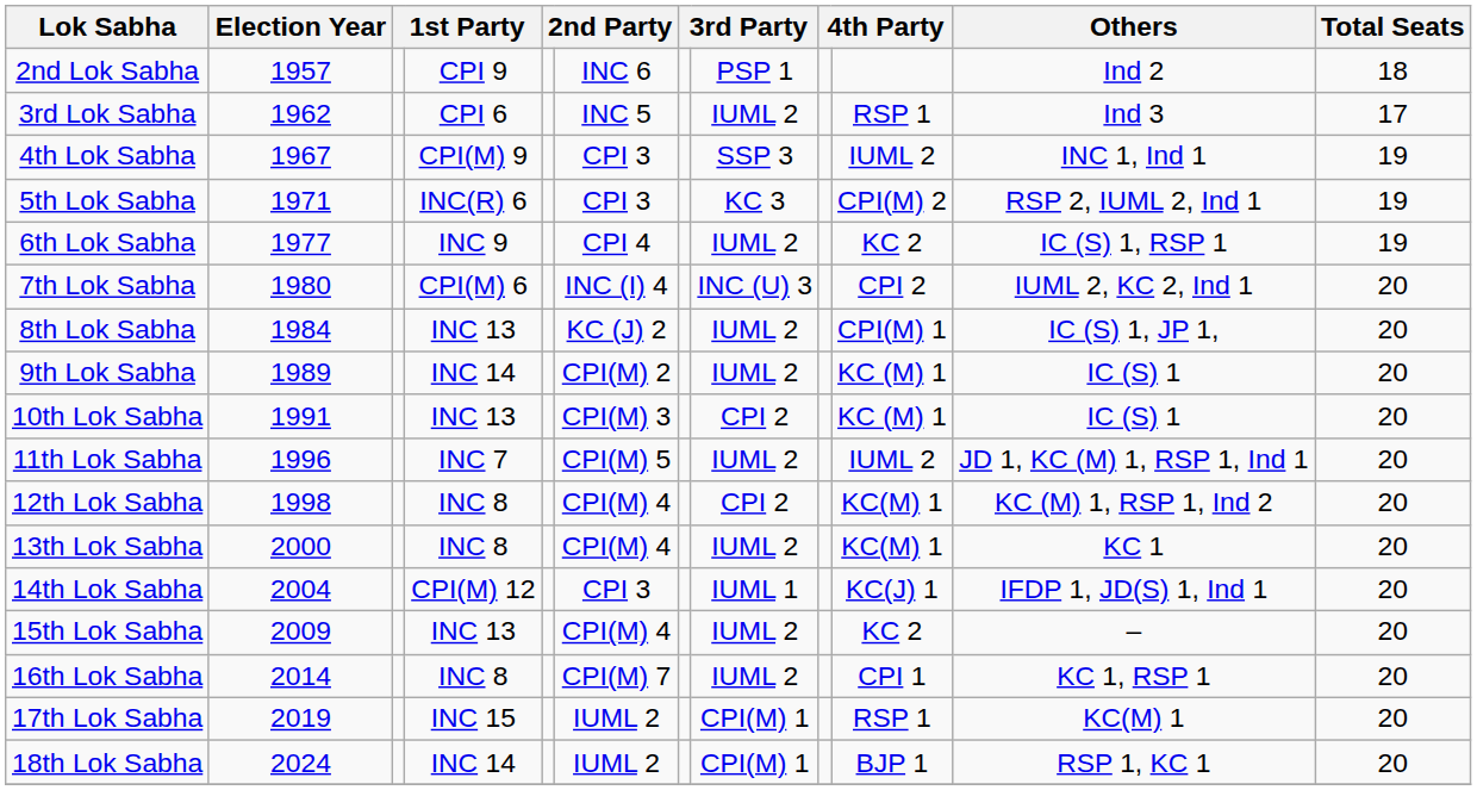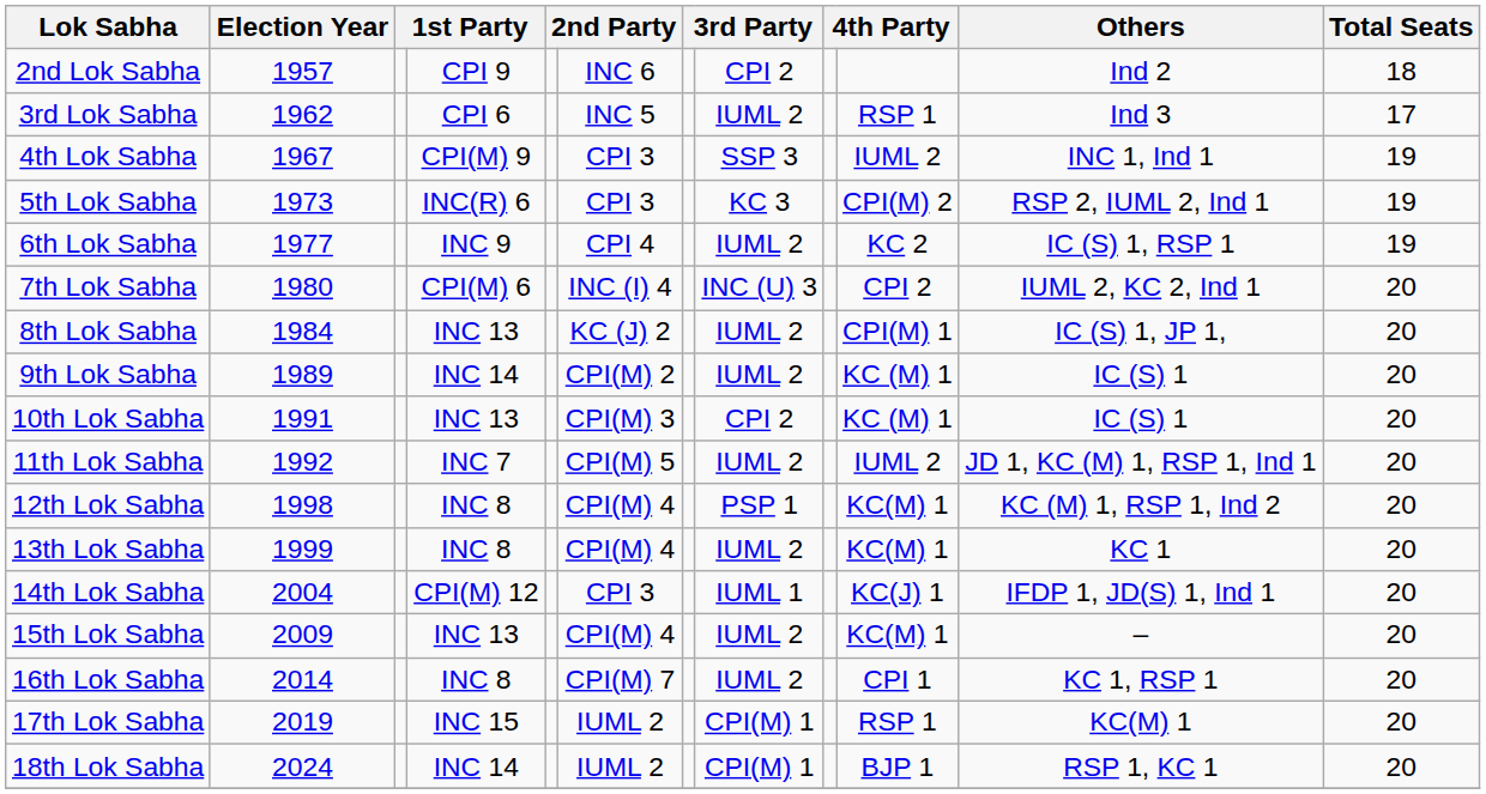 <table class="wikitable sortable" style="text-align:center">
 <tr>
 <th>Lok Sabha</th>
 <th>Election Year</th>
 <th colspan="2">1st Party</th>
 <th colspan="2">2nd Party</th>
 <th colspan="2">3rd Party</th>
 <th colspan="2">4th Party</th>
 <th>Others</th>
 <th>Total Seats</th>
 </tr>
 <tr>
 <td><a href='#'>2nd Lok Sabha</a></td>
 <td><a href='#'>1957</a></td>
 <td style="background-color:"></td>
 <td><a href='#'>CPI</a> 9</td>
 <td style="background-color: "></td>
 <td><a href='#'>INC</a> 6</td>
 <td style="background-color: "></td>
-<td><a href='#'>PSP</a> 1</td>
+<td><a href='#'>CPI</a> 2</td>
 <td></td>
 <td></td>
 <td><a href='#'>Ind</a> 2</td>
 <td>18</td>
 </tr>
 <tr>
 <td><a href='#'>3rd Lok Sabha</a></td>
 <td><a href='#'>1962</a></td>
 <td style="background-color:"></td>
 <td><a href='#'>CPI</a> 6</td>
 <td style="background-color: "></td>
 <td><a href='#'>INC</a> 5</td>
 <td style="background-color:"></td>
 <td><a href='#'>IUML</a> 2</td>
 <td style="background-color:"></td>
 <td><a href='#'>RSP</a> 1</td>
 <td><a href='#'>Ind</a> 3</td>
 <td>17</td>
 </tr>
 <tr>
 <td><a href='#'>4th Lok Sabha</a></td>
 <td><a href='#'>1967</a></td>
 <td style="background-color:"></td>
 <td><a href='#'>CPI(M)</a> 9</td>
 <td style="background-color:"></td>
 <td><a href='#'>CPI</a> 3</td>
 <td style="background-color: "></td>
 <td><a href='#'>SSP</a> 3</td>
 <td style="background-color:"></td>
 <td><a href='#'>IUML</a> 2</td>
 <td><a href='#'>INC</a> 1, <a href='#'>Ind</a> 1</td>
 <td>19</td>
 </tr>
 <tr>
 <td><a href='#'>5th Lok Sabha</a></td>
-<td><a href='#'>1971</a></td>
+<td><a href='#'>1973</a></td>
 <td style="background-color: "></td>
 <td><a href='#'>INC(R)</a> 6</td>
 <td style="background-color:"></td>
 <td><a href='#'>CPI</a> 3</td>
 <td style="background-color:"></td>
 <td><a href='#'>KC</a> 3</td>
 <td style="background-color:"></td>
 <td><a href='#'>CPI(M)</a> 2</td>
 <td><a href='#'>RSP</a> 2, <a href='#'>IUML</a> 2, <a href='#'>Ind</a> 1</td>
 <td>19</td>
 </tr>
 <tr>
 <td><a href='#'>6th Lok Sabha</a></td>
 <td><a href='#'>1977</a></td>
 <td style="background-color: "></td>
 <td><a href='#'>INC</a> 9</td>
 <td style="background-color:"></td>
 <td><a href='#'>CPI</a> 4</td>
 <td style="background-color:"></td>
 <td><a href='#'>IUML</a> 2</td>
 <td style="background-color:"></td>
 <td><a href='#'>KC</a> 2</td>
 <td><a href='#'>IC (S)</a> 1, <a href='#'>RSP</a> 1</td>
 <td>19</td>
 </tr>
 <tr>
 <td><a href='#'>7th Lok Sabha</a></td>
 <td><a href='#'>1980</a></td>
 <td style="background-color:"></td>
 <td><a href='#'>CPI(M)</a> 6</td>
 <td style="background-color: "></td>
 <td><a href='#'>INC (I)</a> 4</td>
 <td style="background-color:"></td>
 <td><a href='#'>INC (U)</a> 3</td>
 <td style="background-color:"></td>
 <td><a href='#'>CPI</a> 2</td>
 <td><a href='#'>IUML</a> 2, <a href='#'>KC</a> 2, <a href='#'>Ind</a> 1</td>
 <td>20</td>
 </tr>
 <tr>
 <td><a href='#'>8th Lok Sabha</a></td>
 <td><a href='#'>1984</a></td>
 <td style="background-color: "></td>
 <td><a href='#'>INC</a> 13</td>
 <td style="background-color:"></td>
 <td><a href='#'>KC (J)</a> 2</td>
 <td style="background-color:"></td>
 <td><a href='#'>IUML</a> 2</td>
 <td style="background-color:"></td>
 <td><a href='#'>CPI(M)</a> 1</td>
 <td><a href='#'>IC (S)</a> 1, <a href='#'>JP</a> 1,</td>
 <td>20</td>
 </tr>
 <tr>
 <td><a href='#'>9th Lok Sabha</a></td>
 <td><a href='#'>1989</a></td>
 <td style="background-color: "></td>
 <td><a href='#'>INC</a> 14</td>
 <td style="background-color:"></td>
 <td><a href='#'>CPI(M)</a> 2</td>
 <td style="background-color:"></td>
 <td><a href='#'>IUML</a> 2</td>
 <td style="background-color:"></td>
 <td><a href='#'>KC (M)</a> 1</td>
 <td><a href='#'>IC (S)</a> 1</td>
 <td>20</td>
 </tr>
 <tr>
 <td><a href='#'>10th Lok Sabha</a></td>
 <td><a href='#'>1991</a></td>
 <td style="background-color: "></td>
 <td><a href='#'>INC</a> 13</td>
 <td style="background-color:"></td>
 <td><a href='#'>CPI(M)</a> 3</td>
 <td style="background-color:"></td>
 <td><a href='#'>CPI</a> 2</td>
 <td style="background-color:"></td>
 <td><a href='#'>KC (M)</a> 1</td>
 <td><a href='#'>IC (S)</a> 1</td>
 <td>20</td>
 </tr>
 <tr>
 <td><a href='#'>11th Lok Sabha</a></td>
-<td><a href='#'>1996</a></td>
+<td><a href='#'>1992</a></td>
 <td style="background-color: "></td>
 <td><a href='#'>INC</a> 7</td>
 <td style="background-color:"></td>
 <td><a href='#'>CPI(M)</a> 5</td>
 <td style="background-color:"></td>
 <td><a href='#'>IUML</a> 2</td>
 <td style="background-color:"></td>
 <td><a href='#'>IUML</a> 2</td>
 <td><a href='#'>JD</a> 1, <a href='#'>KC (M)</a> 1, <a href='#'>RSP</a> 1, <a href='#'>Ind</a> 1</td>
 <td>20</td>
 </tr>
 <tr>
 <td><a href='#'>12th Lok Sabha</a></td>
 <td><a href='#'>1998</a></td>
 <td style="background-color: "></td>
 <td><a href='#'>INC</a> 8</td>
 <td style="background-color:"></td>
 <td><a href='#'>CPI(M)</a> 4</td>
 <td style="background-color:"></td>
-<td><a href='#'>CPI</a> 2</td>
+<td><a href='#'>PSP</a> 1</td>
 <td style="background-color:"></td>
 <td><a href='#'>KC(M)</a> 1</td>
 <td><a href='#'>KC (M)</a> 1, <a href='#'>RSP</a> 1, <a href='#'>Ind</a> 2</td>
 <td>20</td>
 </tr>
 <tr>
 <td><a href='#'>13th Lok Sabha</a></td>
-<td><a href='#'>2000</a></td>
+<td><a href='#'>1999</a></td>
 <td style="background-color: "></td>
 <td><a href='#'>INC</a> 8</td>
 <td style="background-color:"></td>
 <td><a href='#'>CPI(M)</a> 4</td>
 <td style="background-color:"></td>
 <td><a href='#'>IUML</a> 2</td>
 <td style="background-color:"></td>
 <td><a href='#'>KC(M)</a> 1</td>
 <td><a href='#'>KC</a> 1</td>
 <td>20</td>
 </tr>
 <tr>
 <td><a href='#'>14th Lok Sabha</a></td>
 <td><a href='#'>2004</a></td>
 <td style="background-color:"></td>
 <td><a href='#'>CPI(M)</a> 12</td>
 <td style="background-color:"></td>
 <td><a href='#'>CPI</a> 3</td>
 <td style="background-color:"></td>
 <td><a href='#'>IUML</a> 1</td>
 <td style="background-color:"></td>
 <td><a href='#'>KC(J)</a> 1</td>
 <td><a href='#'>IFDP</a> 1, <a href='#'>JD(S)</a> 1, <a href='#'>Ind</a> 1</td>
 <td>20</td>
 </tr>
 <tr>
 <td><a href='#'>15th Lok Sabha</a></td>
 <td><a href='#'>2009</a></td>
 <td style="background-color: "></td>
 <td><a href='#'>INC</a> 13</td>
 <td style="background-color:"></td>
 <td><a href='#'>CPI(M)</a> 4</td>
 <td style="background-color:"></td>
 <td><a href='#'>IUML</a> 2</td>
 <td style="background-color:"></td>
-<td><a href='#'>KC</a> 2</td>
+<td><a href='#'>KC(M)</a> 1</td>
 <td>–</td>
 <td>20</td>
 </tr>
 <tr>
 <td><a href='#'>16th Lok Sabha</a></td>
 <td><a href='#'>2014</a></td>
 <td style="background-color: "></td>
 <td><a href='#'>INC</a> 8</td>
 <td style="background-color:"></td>
 <td><a href='#'>CPI(M)</a> 7</td>
 <td style="background-color:"></td>
 <td><a href='#'>IUML</a> 2</td>
 <td style="background-color:"></td>
 <td><a href='#'>CPI</a> 1</td>
 <td><a href='#'>KC</a> 1, <a href='#'>RSP</a> 1</td>
 <td>20</td>
 </tr>
 <tr>
 <td><a href='#'>17th Lok Sabha</a></td>
 <td><a href='#'>2019</a></td>
 <td style="background-color: "></td>
 <td><a href='#'>INC</a> 15</td>
 <td style="background-color:"></td>
 <td><a href='#'>IUML</a> 2</td>
 <td style="background-color:"></td>
 <td><a href='#'>CPI(M)</a> 1</td>
 <td style="background-color:"></td>
 <td><a href='#'>RSP</a> 1</td>
 <td><a href='#'>KC(M)</a> 1</td>
 <td>20</td>
 </tr>
 <tr>
 <td><a href='#'>18th Lok Sabha</a></td>
 <td><a href='#'>2024</a></td>
 <td style="background-color: "></td>
 <td><a href='#'>INC</a> 14</td>
 <td style="background-color:"></td>
 <td><a href='#'>IUML</a> 2</td>
 <td style="background-color:"></td>
 <td><a href='#'>CPI(M)</a> 1</td>
 <td style="background-color:"></td>
 <td><a href='#'>BJP</a> 1</td>
 <td><a href='#'>RSP</a> 1, <a href='#'>KC</a> 1</td>
 <td>20</td>
 </tr>
 <tr>
 </tr>
 </table>
